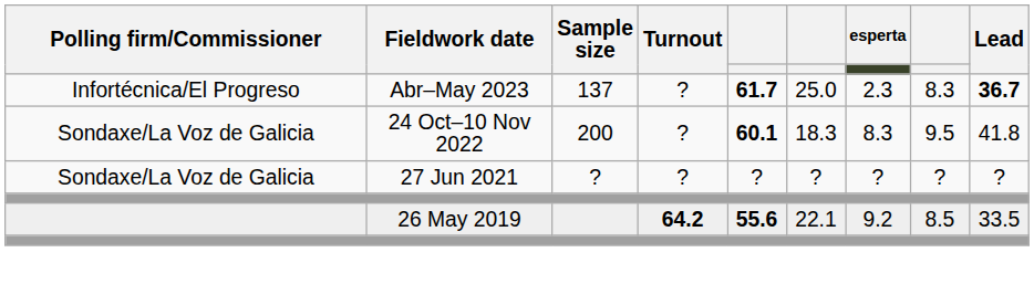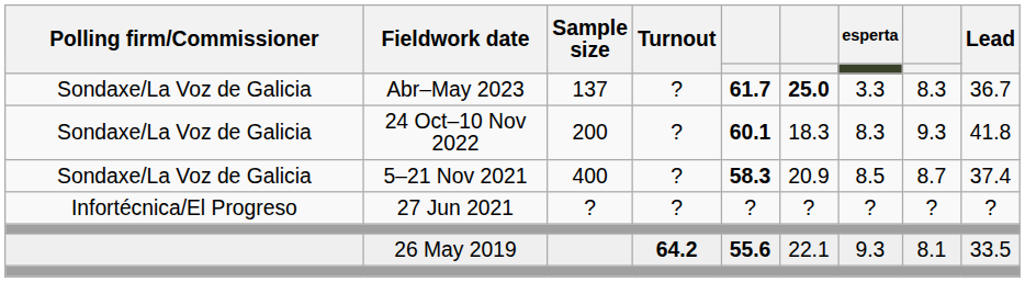 <table class="wikitable collapsible collapsed" style="text-align:center; font-size:95%; line-height:16px;">
 <tr style="height:42px;">
 <th style="width:250px;" rowspan="2">Polling firm/Commissioner</th>
 <th style="width:125px;" rowspan="2">Fieldwork date</th>
 <th style="width:50px;" rowspan="2">Sample size</th>
 <th style="width:45px;" rowspan="2">Turnout</th>
 <th style="width:35px;"></th>
 <th style="width:35px;"></th>
 <th style="width:35px; font-size:75%;">esperta</th>
 <th style="width:35px;"></th>
 <th style="width:30px;" rowspan="2">Lead</th>
 </tr>
 <tr>
 <th style="color:inherit;background:"></th>
 <th style="color:inherit;background:"></th>
 <th style="color:inherit;background:#394229;"></th>
 <th style="color:inherit;background:"></th>
 </tr>
 <tr>
-<td>Infortécnica/El Progreso</td>
+<td>Sondaxe/La Voz de Galicia</td>
 <td>Abr–May 2023</td>
 <td>137</td>
 <td>?</td>
 <td><strong>61.7</strong><br></td>
-<td>25.0<br></td>
-<td>2.3<br></td>
+<td><strong>25.0<br></strong></td>
+<td>3.3<br></td>
 <td>8.3<br></td>
-<td style="background:"><strong>36.7</strong></td>
+<td style="background:">36.7</td>
 </tr>
 <tr>
 <td>Sondaxe/La Voz de Galicia</td>
 <td>24 Oct–10 Nov 2022</td>
 <td>200</td>
 <td>?</td>
 <td><strong>60.1</strong><br></td>
 <td>18.3<br></td>
 <td>8.3<br></td>
-<td>9.5<br></td>
+<td>9.3<br></td>
 <td style="background:">41.8</td>
 </tr>
 <tr>
 <td>Sondaxe/La Voz de Galicia</td>
+<td>5–21 Nov 2021</td>
+<td>400</td>
+<td>?</td>
+<td><strong>58.3</strong><br></td>
+<td>20.9<br></td>
+<td>8.5<br></td>
+<td>8.7<br></td>
+<td style="background:">37.4</td>
+</tr>
+<tr>
+<td>Infortécnica/El Progreso</td>
 <td>27 Jun 2021</td>
 <td>?</td>
 <td>?</td>
 <td>?<br></td>
 <td>?<br></td>
 <td>?<br></td>
 <td>?<br></td>
 <td style="background:">?</td>
 </tr>
 <tr>
 <td colspan="9" style="background:#A0A0A0"></td>
 </tr>
 <tr style="background:#EFEFEF;">
 <td><strong></strong></td>
 <td>26 May 2019</td>
 <td></td>
 <td><strong>64.2</strong></td>
 <td><strong>55.6</strong><br></td>
 <td>22.1<br></td>
-<td>9.2<br></td>
-<td>8.5<br></td>
+<td>9.3<br></td>
+<td>8.1<br></td>
 <td style="background:">33.5</td>
 </tr>
 <tr>
 <td colspan="9" style="background:#A0A0A0"></td>
 </tr>
 </table>
